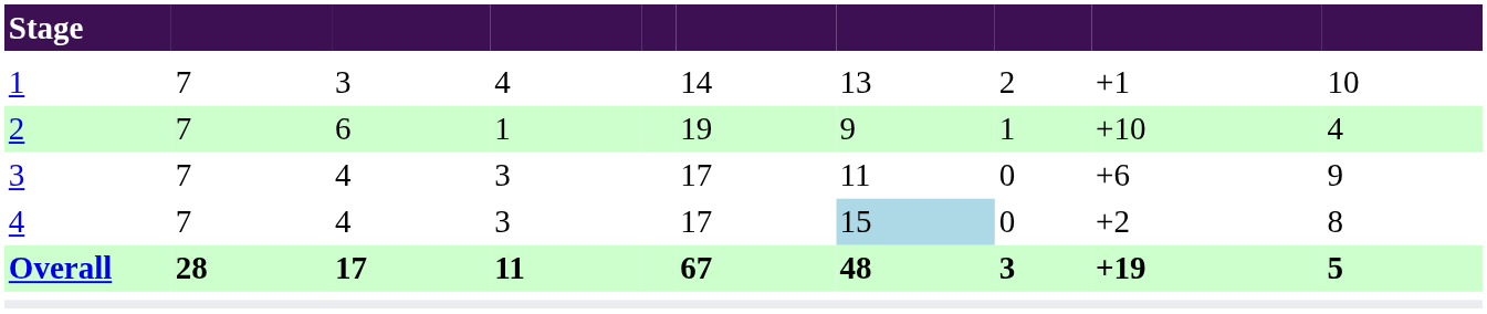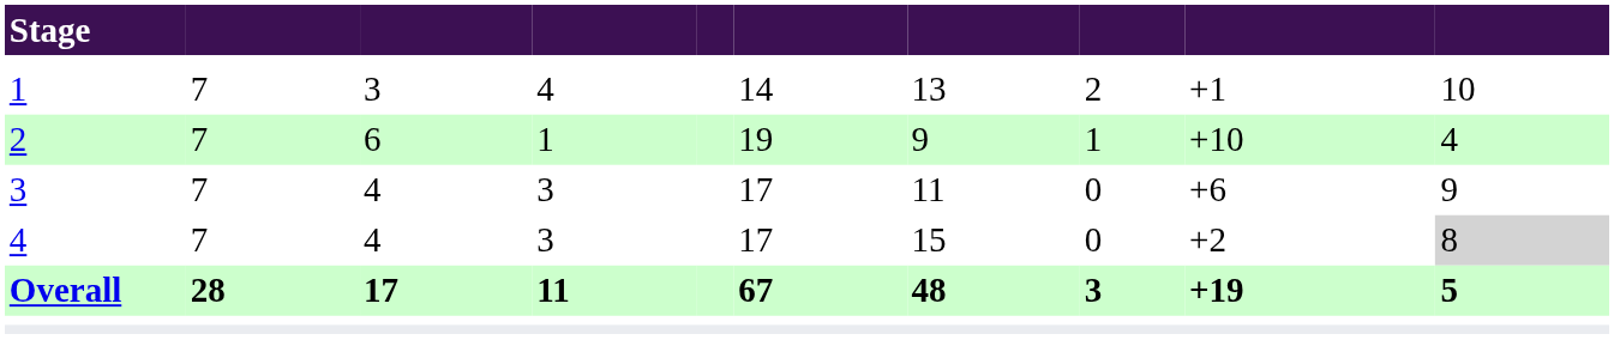 <table class="toccolours" border=0 cellpadding="2" cellspacing="0" style="font-size:95%; text-align:left; width:700px;">
 <tr align="left" style="background:#3C1053; color:#FFFFFF;">
 <th style="width:75px">Stage</th>
 <th></th>
 <th></th>
 <th></th>
 <th></th>
 <th></th>
 <th></th>
 <th></th>
 <th></th>
 <th></th>
 </tr>
 <tr>
 <td colspan = "10"></td>
 </tr>
 <tr>
 </tr>
 <tr style="">
 <td><a href='#'>1</a></td>
 <td>7</td>
 <td>3</td>
 <td>4</td>
 <td></td>
 <td>14</td>
 <td>13</td>
 <td>2</td>
 <td>+1</td>
 <td>10</td>
 </tr>
 <tr style="background:#cfc">
 <td><a href='#'>2</a></td>
 <td>7</td>
 <td>6</td>
 <td>1</td>
 <td></td>
 <td>19</td>
 <td>9</td>
 <td>1</td>
 <td>+10</td>
 <td>4</td>
 </tr>
 <tr>
 <td><a href='#'>3</a></td>
 <td>7</td>
 <td>4</td>
 <td>3</td>
 <td></td>
 <td>17</td>
 <td>11</td>
 <td>0</td>
 <td>+6</td>
 <td>9</td>
 </tr>
 <tr>
 <td><a href='#'>4</a></td>
 <td>7</td>
 <td>4</td>
 <td>3</td>
 <td></td>
 <td>17</td>
-<td style="background: lightblue;">15</td>
+<td>15</td>
 <td>0</td>
 <td>+2</td>
-<td>8</td>
+<td style="background: lightgrey;">8</td>
 </tr>
 <tr style="background-color:#cfc;">
 <th><a href='#'>Overall</a></th>
 <th>28</th>
 <th>17</th>
 <th>11</th>
 <th></th>
 <th>67</th>
 <th>48</th>
 <th>3</th>
 <th>+19</th>
 <th>5</th>
 </tr>
 <tr>
 <td colspan="10"></td>
 </tr>
 <tr align="left" style="background:#EAECF0; color:#000;">
 <td colspan="10" style="text-align:center;"> </td>
 </tr>
 </table>
